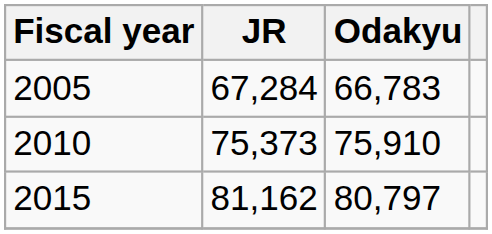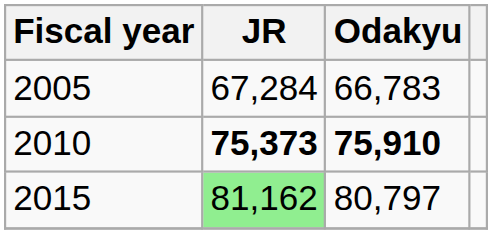 <table class="wikitable">
 <tr>
 <th>Fiscal year</th>
 <th>JR</th>
 <th>Odakyu</th>
 <th></th>
 </tr>
 <tr>
 <td>2005</td>
 <td>67,284</td>
 <td>66,783</td>
 <td></td>
 </tr>
 <tr>
 <td>2010</td>
-<td>75,373</td>
-<td>75,910</td>
+<td><strong>75,373</strong></td>
+<td><strong>75,910</strong></td>
 <td></td>
 </tr>
 <tr>
 <td>2015</td>
-<td>81,162</td>
+<td style="background: lightgreen;">81,162</td>
 <td>80,797</td>
 <td></td>
 </tr>
 <tr>
 </tr>
 </table>
